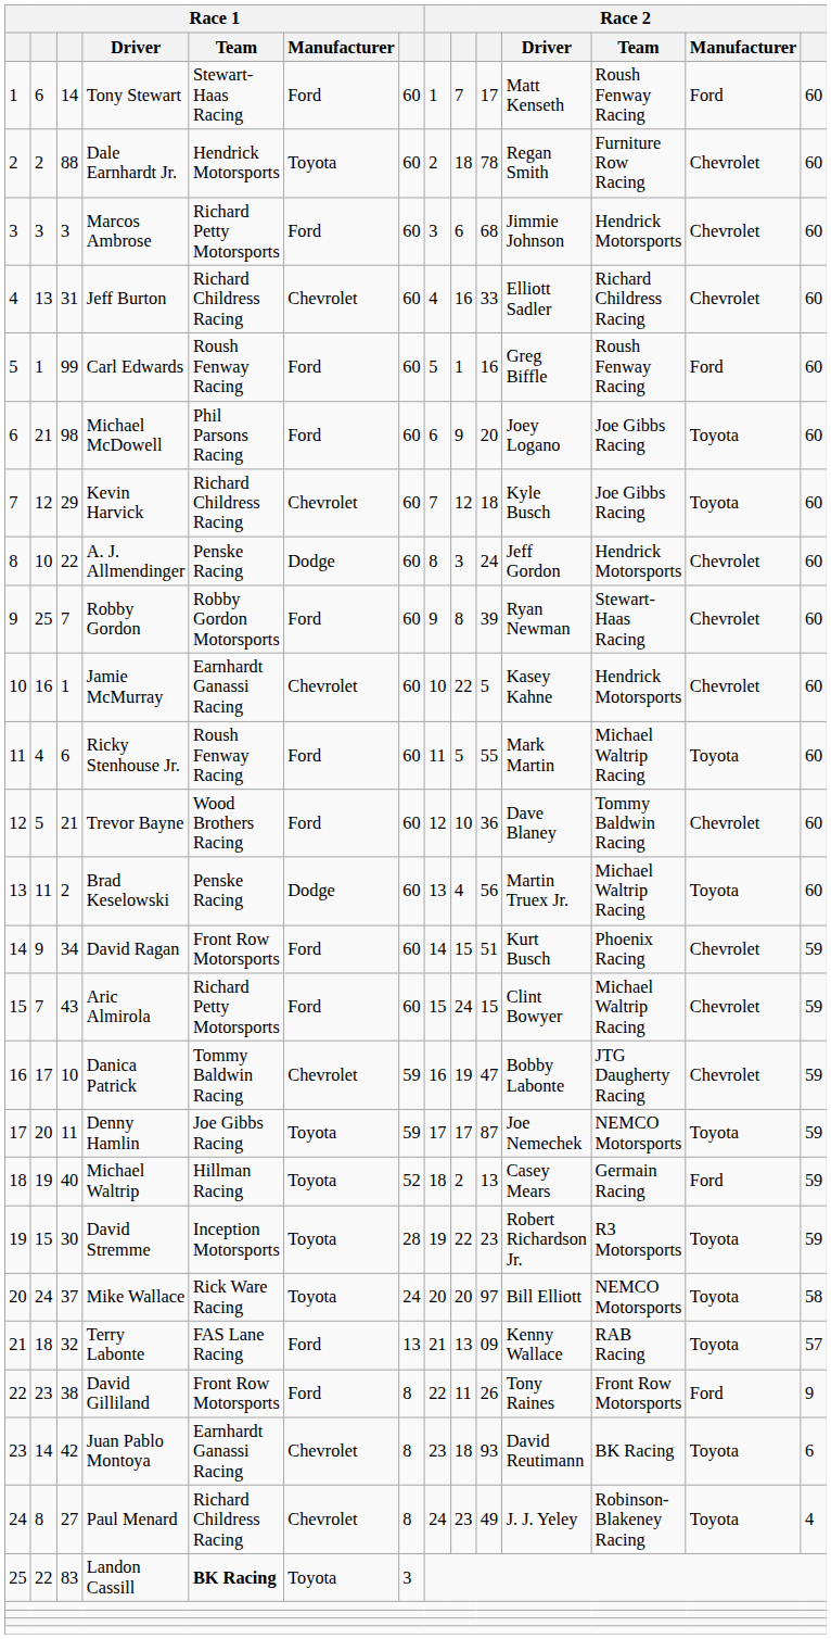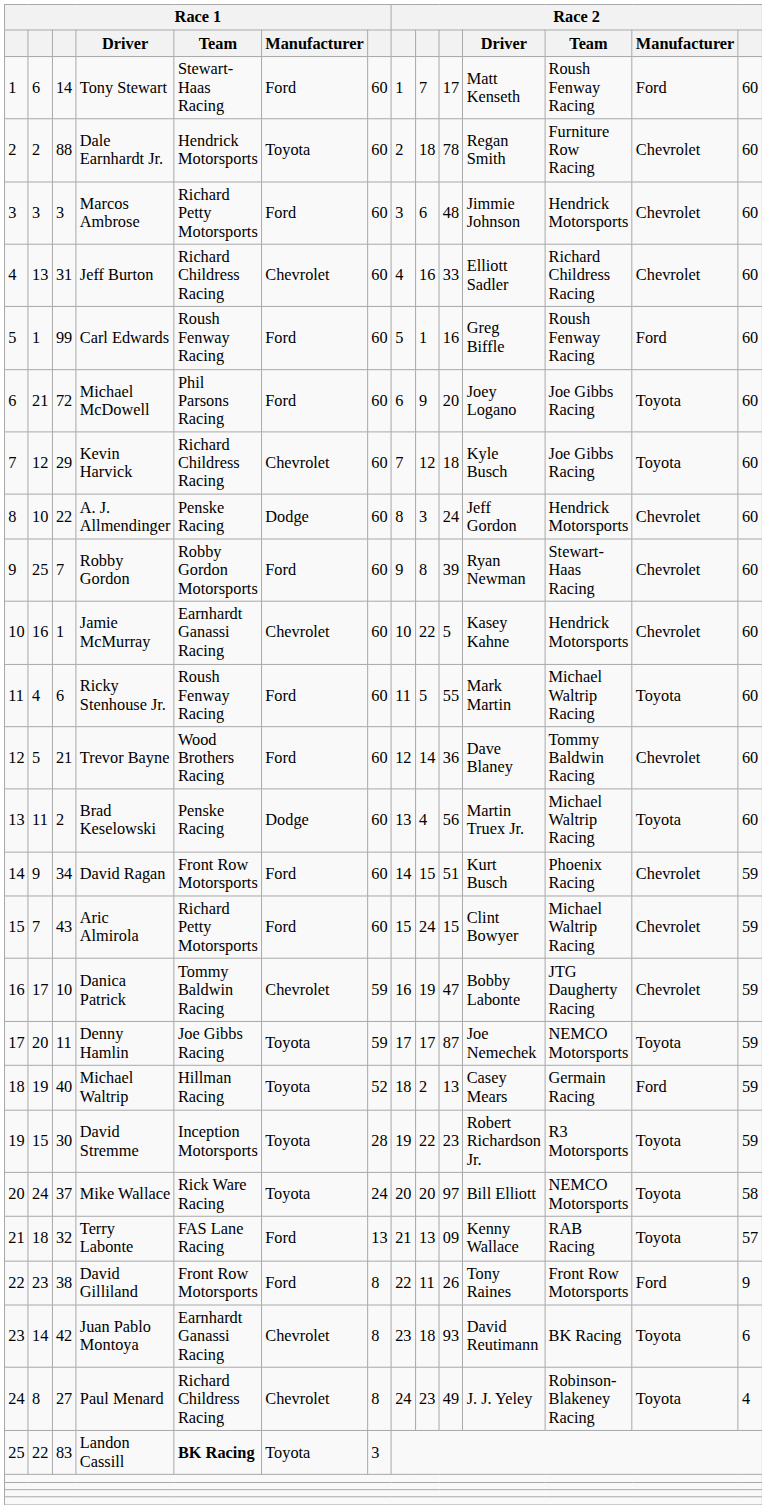 <table class="wikitable" border="1">
 <tr>
 <th colspan=7>Race 1</th>
 <th colspan=7>Race 2</th>
 </tr>
 <tr>
 <th scope="col"></th>
 <th scope="col"></th>
 <th scope="col"></th>
 <th scope="col">Driver</th>
 <th scope="col">Team</th>
 <th scope="col">Manufacturer</th>
 <th scope="col"></th>
 <th scope="col"></th>
 <th scope="col"></th>
 <th scope="col"></th>
 <th scope="col">Driver</th>
 <th scope="col">Team</th>
 <th scope="col">Manufacturer</th>
 <th scope="col"></th>
 </tr>
 <tr>
 <td>1</td>
 <td>6</td>
 <td>14</td>
 <td>Tony Stewart</td>
 <td>Stewart-Haas Racing</td>
 <td>Ford</td>
 <td>60</td>
 <td>1</td>
 <td>7</td>
 <td>17</td>
 <td>Matt Kenseth</td>
 <td>Roush Fenway Racing</td>
 <td>Ford</td>
 <td>60</td>
 </tr>
 <tr>
 <td>2</td>
 <td>2</td>
 <td>88</td>
 <td>Dale Earnhardt Jr.</td>
 <td>Hendrick Motorsports</td>
 <td>Toyota</td>
 <td>60</td>
 <td>2</td>
 <td>18</td>
 <td>78</td>
 <td>Regan Smith</td>
 <td>Furniture Row Racing</td>
 <td>Chevrolet</td>
 <td>60</td>
 </tr>
 <tr>
 <td>3</td>
 <td>3</td>
 <td>3</td>
 <td>Marcos Ambrose</td>
 <td>Richard Petty Motorsports</td>
 <td>Ford</td>
 <td>60</td>
 <td>3</td>
 <td>6</td>
-<td>68</td>
+<td>48</td>
 <td>Jimmie Johnson</td>
 <td>Hendrick Motorsports</td>
 <td>Chevrolet</td>
 <td>60</td>
 </tr>
 <tr>
 <td>4</td>
 <td>13</td>
 <td>31</td>
 <td>Jeff Burton</td>
 <td>Richard Childress Racing</td>
 <td>Chevrolet</td>
 <td>60</td>
 <td>4</td>
 <td>16</td>
 <td>33</td>
 <td>Elliott Sadler</td>
 <td>Richard Childress Racing</td>
 <td>Chevrolet</td>
 <td>60</td>
 </tr>
 <tr>
 <td>5</td>
 <td>1</td>
 <td>99</td>
 <td>Carl Edwards</td>
 <td>Roush Fenway Racing</td>
 <td>Ford</td>
 <td>60</td>
 <td>5</td>
 <td>1</td>
 <td>16</td>
 <td>Greg Biffle</td>
 <td>Roush Fenway Racing</td>
 <td>Ford</td>
 <td>60</td>
 </tr>
 <tr>
 <td>6</td>
 <td>21</td>
-<td>98</td>
+<td>72</td>
 <td>Michael McDowell</td>
 <td>Phil Parsons Racing</td>
 <td>Ford</td>
 <td>60</td>
 <td>6</td>
 <td>9</td>
 <td>20</td>
 <td>Joey Logano</td>
 <td>Joe Gibbs Racing</td>
 <td>Toyota</td>
 <td>60</td>
 </tr>
 <tr>
 <td>7</td>
 <td>12</td>
 <td>29</td>
 <td>Kevin Harvick</td>
 <td>Richard Childress Racing</td>
 <td>Chevrolet</td>
 <td>60</td>
 <td>7</td>
 <td>12</td>
 <td>18</td>
 <td>Kyle Busch</td>
 <td>Joe Gibbs Racing</td>
 <td>Toyota</td>
 <td>60</td>
 </tr>
 <tr>
 <td>8</td>
 <td>10</td>
 <td>22</td>
 <td>A. J. Allmendinger</td>
 <td>Penske Racing</td>
 <td>Dodge</td>
 <td>60</td>
 <td>8</td>
 <td>3</td>
 <td>24</td>
 <td>Jeff Gordon</td>
 <td>Hendrick Motorsports</td>
 <td>Chevrolet</td>
 <td>60</td>
 </tr>
 <tr>
 <td>9</td>
 <td>25</td>
 <td>7</td>
 <td>Robby Gordon</td>
 <td>Robby Gordon Motorsports</td>
 <td>Ford</td>
 <td>60</td>
 <td>9</td>
 <td>8</td>
 <td>39</td>
 <td>Ryan Newman</td>
 <td>Stewart-Haas Racing</td>
 <td>Chevrolet</td>
 <td>60</td>
 </tr>
 <tr>
 <td>10</td>
 <td>16</td>
 <td>1</td>
 <td>Jamie McMurray</td>
 <td>Earnhardt Ganassi Racing</td>
 <td>Chevrolet</td>
 <td>60</td>
 <td>10</td>
 <td>22</td>
 <td>5</td>
 <td>Kasey Kahne</td>
 <td>Hendrick Motorsports</td>
 <td>Chevrolet</td>
 <td>60</td>
 </tr>
 <tr>
 <td>11</td>
 <td>4</td>
 <td>6</td>
 <td>Ricky Stenhouse Jr.</td>
 <td>Roush Fenway Racing</td>
 <td>Ford</td>
 <td>60</td>
 <td>11</td>
 <td>5</td>
 <td>55</td>
 <td>Mark Martin</td>
 <td>Michael Waltrip Racing</td>
 <td>Toyota</td>
 <td>60</td>
 </tr>
 <tr>
 <td>12</td>
 <td>5</td>
 <td>21</td>
 <td>Trevor Bayne</td>
 <td>Wood Brothers Racing</td>
 <td>Ford</td>
 <td>60</td>
 <td>12</td>
-<td>10</td>
+<td>14</td>
 <td>36</td>
 <td>Dave Blaney</td>
 <td>Tommy Baldwin Racing</td>
 <td>Chevrolet</td>
 <td>60</td>
 </tr>
 <tr>
 <td>13</td>
 <td>11</td>
 <td>2</td>
 <td>Brad Keselowski</td>
 <td>Penske Racing</td>
 <td>Dodge</td>
 <td>60</td>
 <td>13</td>
 <td>4</td>
 <td>56</td>
 <td>Martin Truex Jr.</td>
 <td>Michael Waltrip Racing</td>
 <td>Toyota</td>
 <td>60</td>
 </tr>
 <tr>
 <td>14</td>
 <td>9</td>
 <td>34</td>
 <td>David Ragan</td>
 <td>Front Row Motorsports</td>
 <td>Ford</td>
 <td>60</td>
 <td>14</td>
 <td>15</td>
 <td>51</td>
 <td>Kurt Busch</td>
 <td>Phoenix Racing</td>
 <td>Chevrolet</td>
 <td>59</td>
 </tr>
 <tr>
 <td>15</td>
 <td>7</td>
 <td>43</td>
 <td>Aric Almirola</td>
 <td>Richard Petty Motorsports</td>
 <td>Ford</td>
 <td>60</td>
 <td>15</td>
 <td>24</td>
 <td>15</td>
 <td>Clint Bowyer</td>
 <td>Michael Waltrip Racing</td>
 <td>Chevrolet</td>
 <td>59</td>
 </tr>
 <tr>
 <td>16</td>
 <td>17</td>
 <td>10</td>
 <td>Danica Patrick</td>
 <td>Tommy Baldwin Racing</td>
 <td>Chevrolet</td>
 <td>59</td>
 <td>16</td>
 <td>19</td>
 <td>47</td>
 <td>Bobby Labonte</td>
 <td>JTG Daugherty Racing</td>
 <td>Chevrolet</td>
 <td>59</td>
 </tr>
 <tr>
 <td>17</td>
 <td>20</td>
 <td>11</td>
 <td>Denny Hamlin</td>
 <td>Joe Gibbs Racing</td>
 <td>Toyota</td>
 <td>59</td>
 <td>17</td>
 <td>17</td>
 <td>87</td>
 <td>Joe Nemechek</td>
 <td>NEMCO Motorsports</td>
 <td>Toyota</td>
 <td>59</td>
 </tr>
 <tr>
 <td>18</td>
 <td>19</td>
 <td>40</td>
 <td>Michael Waltrip</td>
 <td>Hillman Racing</td>
 <td>Toyota</td>
 <td>52</td>
 <td>18</td>
 <td>2</td>
 <td>13</td>
 <td>Casey Mears</td>
 <td>Germain Racing</td>
 <td>Ford</td>
 <td>59</td>
 </tr>
 <tr>
 <td>19</td>
 <td>15</td>
 <td>30</td>
 <td>David Stremme</td>
 <td>Inception Motorsports</td>
 <td>Toyota</td>
 <td>28</td>
 <td>19</td>
 <td>22</td>
 <td>23</td>
 <td>Robert Richardson Jr.</td>
 <td>R3 Motorsports</td>
 <td>Toyota</td>
 <td>59</td>
 </tr>
 <tr>
 <td>20</td>
 <td>24</td>
 <td>37</td>
 <td>Mike Wallace</td>
 <td>Rick Ware Racing</td>
 <td>Toyota</td>
 <td>24</td>
 <td>20</td>
 <td>20</td>
 <td>97</td>
 <td>Bill Elliott</td>
 <td>NEMCO Motorsports</td>
 <td>Toyota</td>
 <td>58</td>
 </tr>
 <tr>
 <td>21</td>
 <td>18</td>
 <td>32</td>
 <td>Terry Labonte</td>
 <td>FAS Lane Racing</td>
 <td>Ford</td>
 <td>13</td>
 <td>21</td>
 <td>13</td>
 <td>09</td>
 <td>Kenny Wallace</td>
 <td>RAB Racing</td>
 <td>Toyota</td>
 <td>57</td>
 </tr>
 <tr>
 <td>22</td>
 <td>23</td>
 <td>38</td>
 <td>David Gilliland</td>
 <td>Front Row Motorsports</td>
 <td>Ford</td>
 <td>8</td>
 <td>22</td>
 <td>11</td>
 <td>26</td>
 <td>Tony Raines</td>
 <td>Front Row Motorsports</td>
 <td>Ford</td>
 <td>9</td>
 </tr>
 <tr>
 <td>23</td>
 <td>14</td>
 <td>42</td>
 <td>Juan Pablo Montoya</td>
 <td>Earnhardt Ganassi Racing</td>
 <td>Chevrolet</td>
 <td>8</td>
 <td>23</td>
 <td>18</td>
 <td>93</td>
 <td>David Reutimann</td>
 <td>BK Racing</td>
 <td>Toyota</td>
 <td>6</td>
 </tr>
 <tr>
 <td>24</td>
 <td>8</td>
 <td>27</td>
 <td>Paul Menard</td>
 <td>Richard Childress Racing</td>
 <td>Chevrolet</td>
 <td>8</td>
 <td>24</td>
 <td>23</td>
 <td>49</td>
 <td>J. J. Yeley</td>
 <td>Robinson-Blakeney Racing</td>
 <td>Toyota</td>
 <td>4</td>
 </tr>
 <tr>
 <td>25</td>
 <td>22</td>
 <td>83</td>
 <td>Landon Cassill</td>
 <td><strong>BK Racing</strong></td>
 <td>Toyota</td>
 <td>3</td>
 <td colspan="7"></td>
 </tr>
 <tr class="sortbottom">
 <td colspan="14"></td>
 </tr>
 <tr>
 <td colspan="14"></td>
 </tr>
 <tr>
 <td colspan="14"></td>
 </tr>
 <tr>
 <td colspan="14"></td>
 </tr>
 </table>
